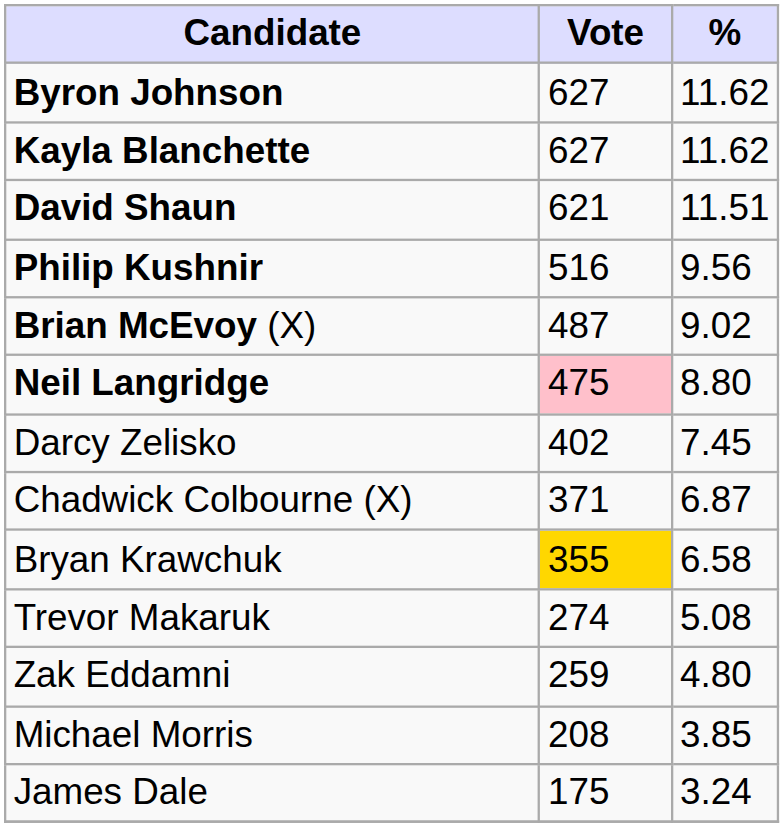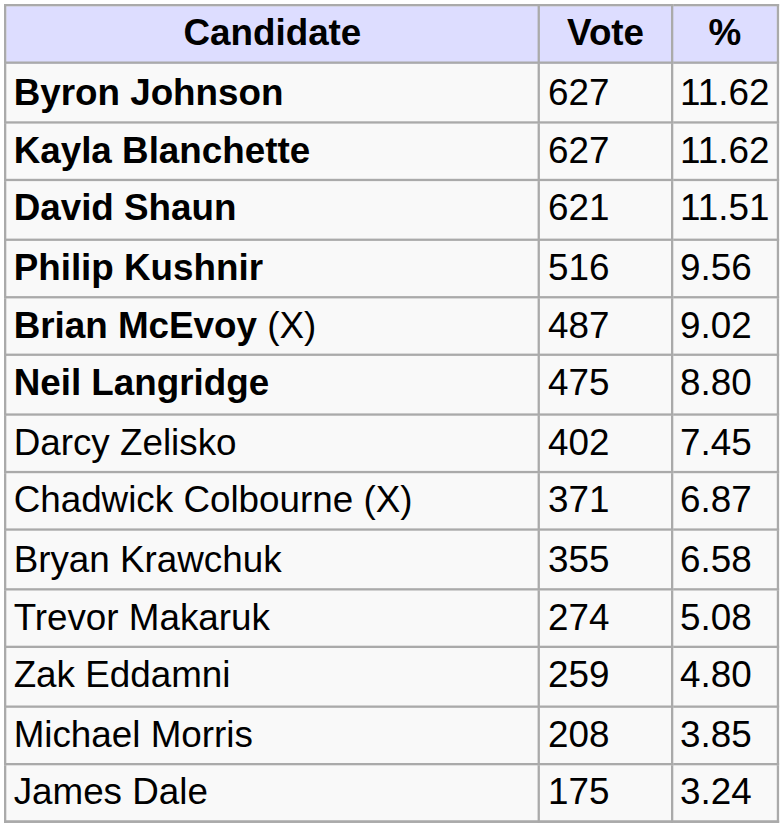 <table class="wikitable">
 <tr>
 <th style="background:#ddf; width:225px;">Candidate</th>
 <th style="background:#ddf; width:50px;">Vote</th>
 <th style="background:#ddf; width:30px;">%</th>
 </tr>
 <tr>
 <td><strong>Byron Johnson</strong></td>
 <td>627</td>
 <td>11.62</td>
 </tr>
 <tr>
 <td><strong>Kayla Blanchette</strong></td>
 <td>627</td>
 <td>11.62</td>
 </tr>
 <tr>
 <td><strong>David Shaun</strong></td>
 <td>621</td>
 <td>11.51</td>
 </tr>
 <tr>
 <td><strong>Philip Kushnir</strong></td>
 <td>516</td>
 <td>9.56</td>
 </tr>
 <tr>
 <td><strong>Brian McEvoy</strong> (X)</td>
 <td>487</td>
 <td>9.02</td>
 </tr>
 <tr>
 <td><strong>Neil Langridge</strong></td>
-<td style="background: pink;">475</td>
+<td>475</td>
 <td>8.80</td>
 </tr>
 <tr>
 <td>Darcy Zelisko</td>
 <td>402</td>
 <td>7.45</td>
 </tr>
 <tr>
 <td>Chadwick Colbourne (X)</td>
 <td>371</td>
 <td>6.87</td>
 </tr>
 <tr>
 <td>Bryan Krawchuk</td>
-<td style="background: gold;">355</td>
+<td>355</td>
 <td>6.58</td>
 </tr>
 <tr>
 <td>Trevor Makaruk</td>
 <td>274</td>
 <td>5.08</td>
 </tr>
 <tr>
 <td>Zak Eddamni</td>
 <td>259</td>
 <td>4.80</td>
 </tr>
 <tr>
 <td>Michael Morris</td>
 <td>208</td>
 <td>3.85</td>
 </tr>
 <tr>
 <td>James Dale</td>
 <td>175</td>
 <td>3.24</td>
 </tr>
 <tr>
 </tr>
 </table>
